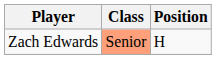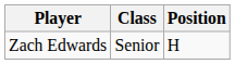 <table class="wikitable">
 <tr>
 <th style="text-align:center; ">Player</th>
 <th style="text-align:center; ">Class</th>
 <th style="text-align:center; ">Position</th>
 </tr>
 <tr>
 <td>Zach Edwards</td>
-<td style="background: lightsalmon;">Senior</td>
+<td>Senior</td>
 <td>H</td>
 </tr>
 <tr>
 </tr>
 </table>
